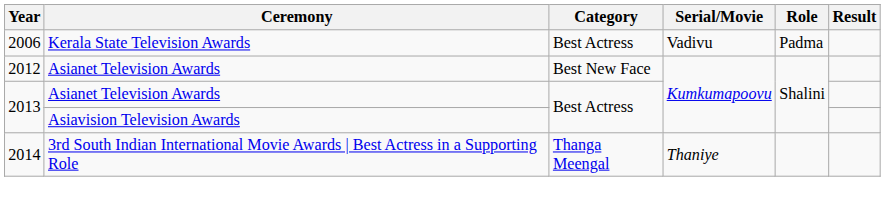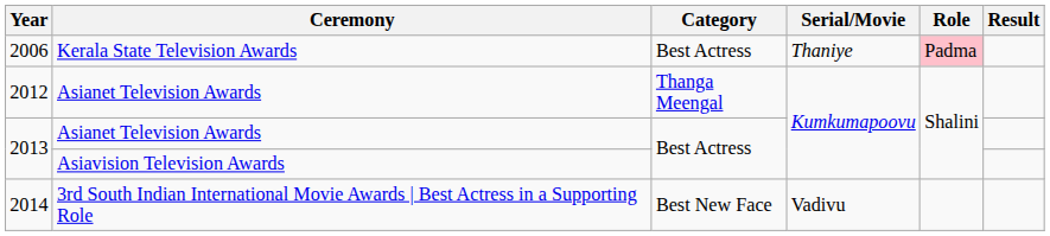 <table class="wikitable plainrowheaders">
 <tr>
 <th scope="col">Year</th>
 <th scope="col">Ceremony</th>
 <th scope="col">Category</th>
 <th scope="col">Serial/Movie</th>
 <th scope="col">Role</th>
 <th scope="col">Result</th>
 </tr>
 <tr>
 <td rowspan="1">2006</td>
 <td><a href='#'>Kerala State Television Awards</a></td>
 <td>Best Actress</td>
-<td>Vadivu</td>
-<td>Padma</td>
+<td><em>Thaniye</em></td>
+<td style="background: pink;">Padma</td>
 <td></td>
 </tr>
 <tr>
 <td rowspan="1">2012</td>
 <td><a href='#'>Asianet Television Awards</a></td>
-<td>Best New Face</td>
+<td><a href='#'>Thanga Meengal</a></td>
 <td rowspan="3"><em><a href='#'>Kumkumapoovu</a></em></td>
 <td rowspan="3">Shalini</td>
 <td></td>
 </tr>
 <tr>
 <td rowspan="2">2013</td>
 <td><a href='#'>Asianet Television Awards</a></td>
 <td rowspan="2">Best Actress</td>
 <td></td>
 </tr>
 <tr>
 <td><a href='#'>Asiavision Television Awards</a></td>
 <td></td>
 </tr>
 <tr>
 <td rowspan="1">2014</td>
 <td><a href='#'> 3rd South Indian International Movie Awards | Best Actress in a Supporting Role</a></td>
-<td><a href='#'>Thanga Meengal</a></td>
-<td><em>Thaniye</em></td>
+<td>Best New Face</td>
+<td>Vadivu</td>
 <td></td>
 </tr>
 </table>
